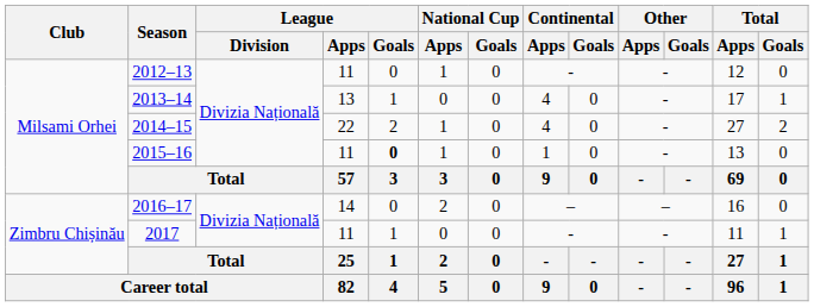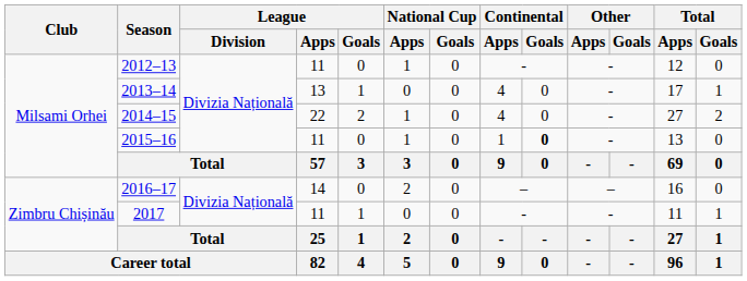 <table class="wikitable" style="text-align: center;">
 <tr>
 <th rowspan="2">Club</th>
 <th rowspan="2">Season</th>
 <th colspan="3">League</th>
 <th colspan="2">National Cup</th>
 <th colspan="2">Continental</th>
 <th colspan="2">Other</th>
 <th colspan="2">Total</th>
 </tr>
 <tr>
 <th>Division</th>
 <th>Apps</th>
 <th>Goals</th>
 <th>Apps</th>
 <th>Goals</th>
 <th>Apps</th>
 <th>Goals</th>
 <th>Apps</th>
 <th>Goals</th>
 <th>Apps</th>
 <th>Goals</th>
 </tr>
 <tr>
 <td rowspan="5" valign="center"><a href='#'>Milsami Orhei</a></td>
 <td><a href='#'>2012–13</a></td>
 <td rowspan="4" valign="center"><a href='#'>Divizia Națională</a></td>
 <td>11</td>
 <td>0</td>
 <td>1</td>
 <td>0</td>
 <td colspan="2">-</td>
 <td colspan="2">-</td>
 <td>12</td>
 <td>0</td>
 </tr>
 <tr>
 <td><a href='#'>2013–14</a></td>
 <td>13</td>
 <td>1</td>
 <td>0</td>
 <td>0</td>
 <td>4</td>
 <td>0</td>
 <td colspan="2">-</td>
 <td>17</td>
 <td>1</td>
 </tr>
 <tr>
 <td><a href='#'>2014–15</a></td>
 <td>22</td>
 <td>2</td>
 <td>1</td>
 <td>0</td>
 <td>4</td>
 <td>0</td>
 <td colspan="2">-</td>
 <td>27</td>
 <td>2</td>
 </tr>
 <tr>
 <td><a href='#'>2015–16</a></td>
 <td>11</td>
-<td><strong>0</strong></td>
+<td>0</td>
 <td>1</td>
 <td>0</td>
 <td>1</td>
-<td>0</td>
+<td><strong>0</strong></td>
 <td colspan="2">-</td>
 <td>13</td>
 <td>0</td>
 </tr>
 <tr>
 <th colspan="2">Total</th>
 <th>57</th>
 <th>3</th>
 <th>3</th>
 <th>0</th>
 <th>9</th>
 <th>0</th>
 <th>-</th>
 <th>-</th>
 <th>69</th>
 <th>0</th>
 </tr>
 <tr>
 <td rowspan="3" valign="center"><a href='#'>Zimbru Chișinău</a></td>
 <td><a href='#'>2016–17</a></td>
 <td rowspan="2" valign="center"><a href='#'>Divizia Națională</a></td>
 <td>14</td>
 <td>0</td>
 <td>2</td>
 <td>0</td>
 <td colspan="2">–</td>
 <td colspan="2">–</td>
 <td>16</td>
 <td>0</td>
 </tr>
 <tr>
 <td><a href='#'>2017</a></td>
 <td>11</td>
 <td>1</td>
 <td>0</td>
 <td>0</td>
 <td colspan="2">-</td>
 <td colspan="2">-</td>
 <td>11</td>
 <td>1</td>
 </tr>
 <tr>
 <th colspan="2">Total</th>
 <th>25</th>
 <th>1</th>
 <th>2</th>
 <th>0</th>
 <th>-</th>
 <th>-</th>
 <th>-</th>
 <th>-</th>
 <th>27</th>
 <th>1</th>
 </tr>
 <tr>
 <th colspan="3">Career total</th>
 <th>82</th>
 <th>4</th>
 <th>5</th>
 <th>0</th>
 <th>9</th>
 <th>0</th>
 <th>-</th>
 <th>-</th>
 <th>96</th>
 <th>1</th>
 </tr>
 </table>
